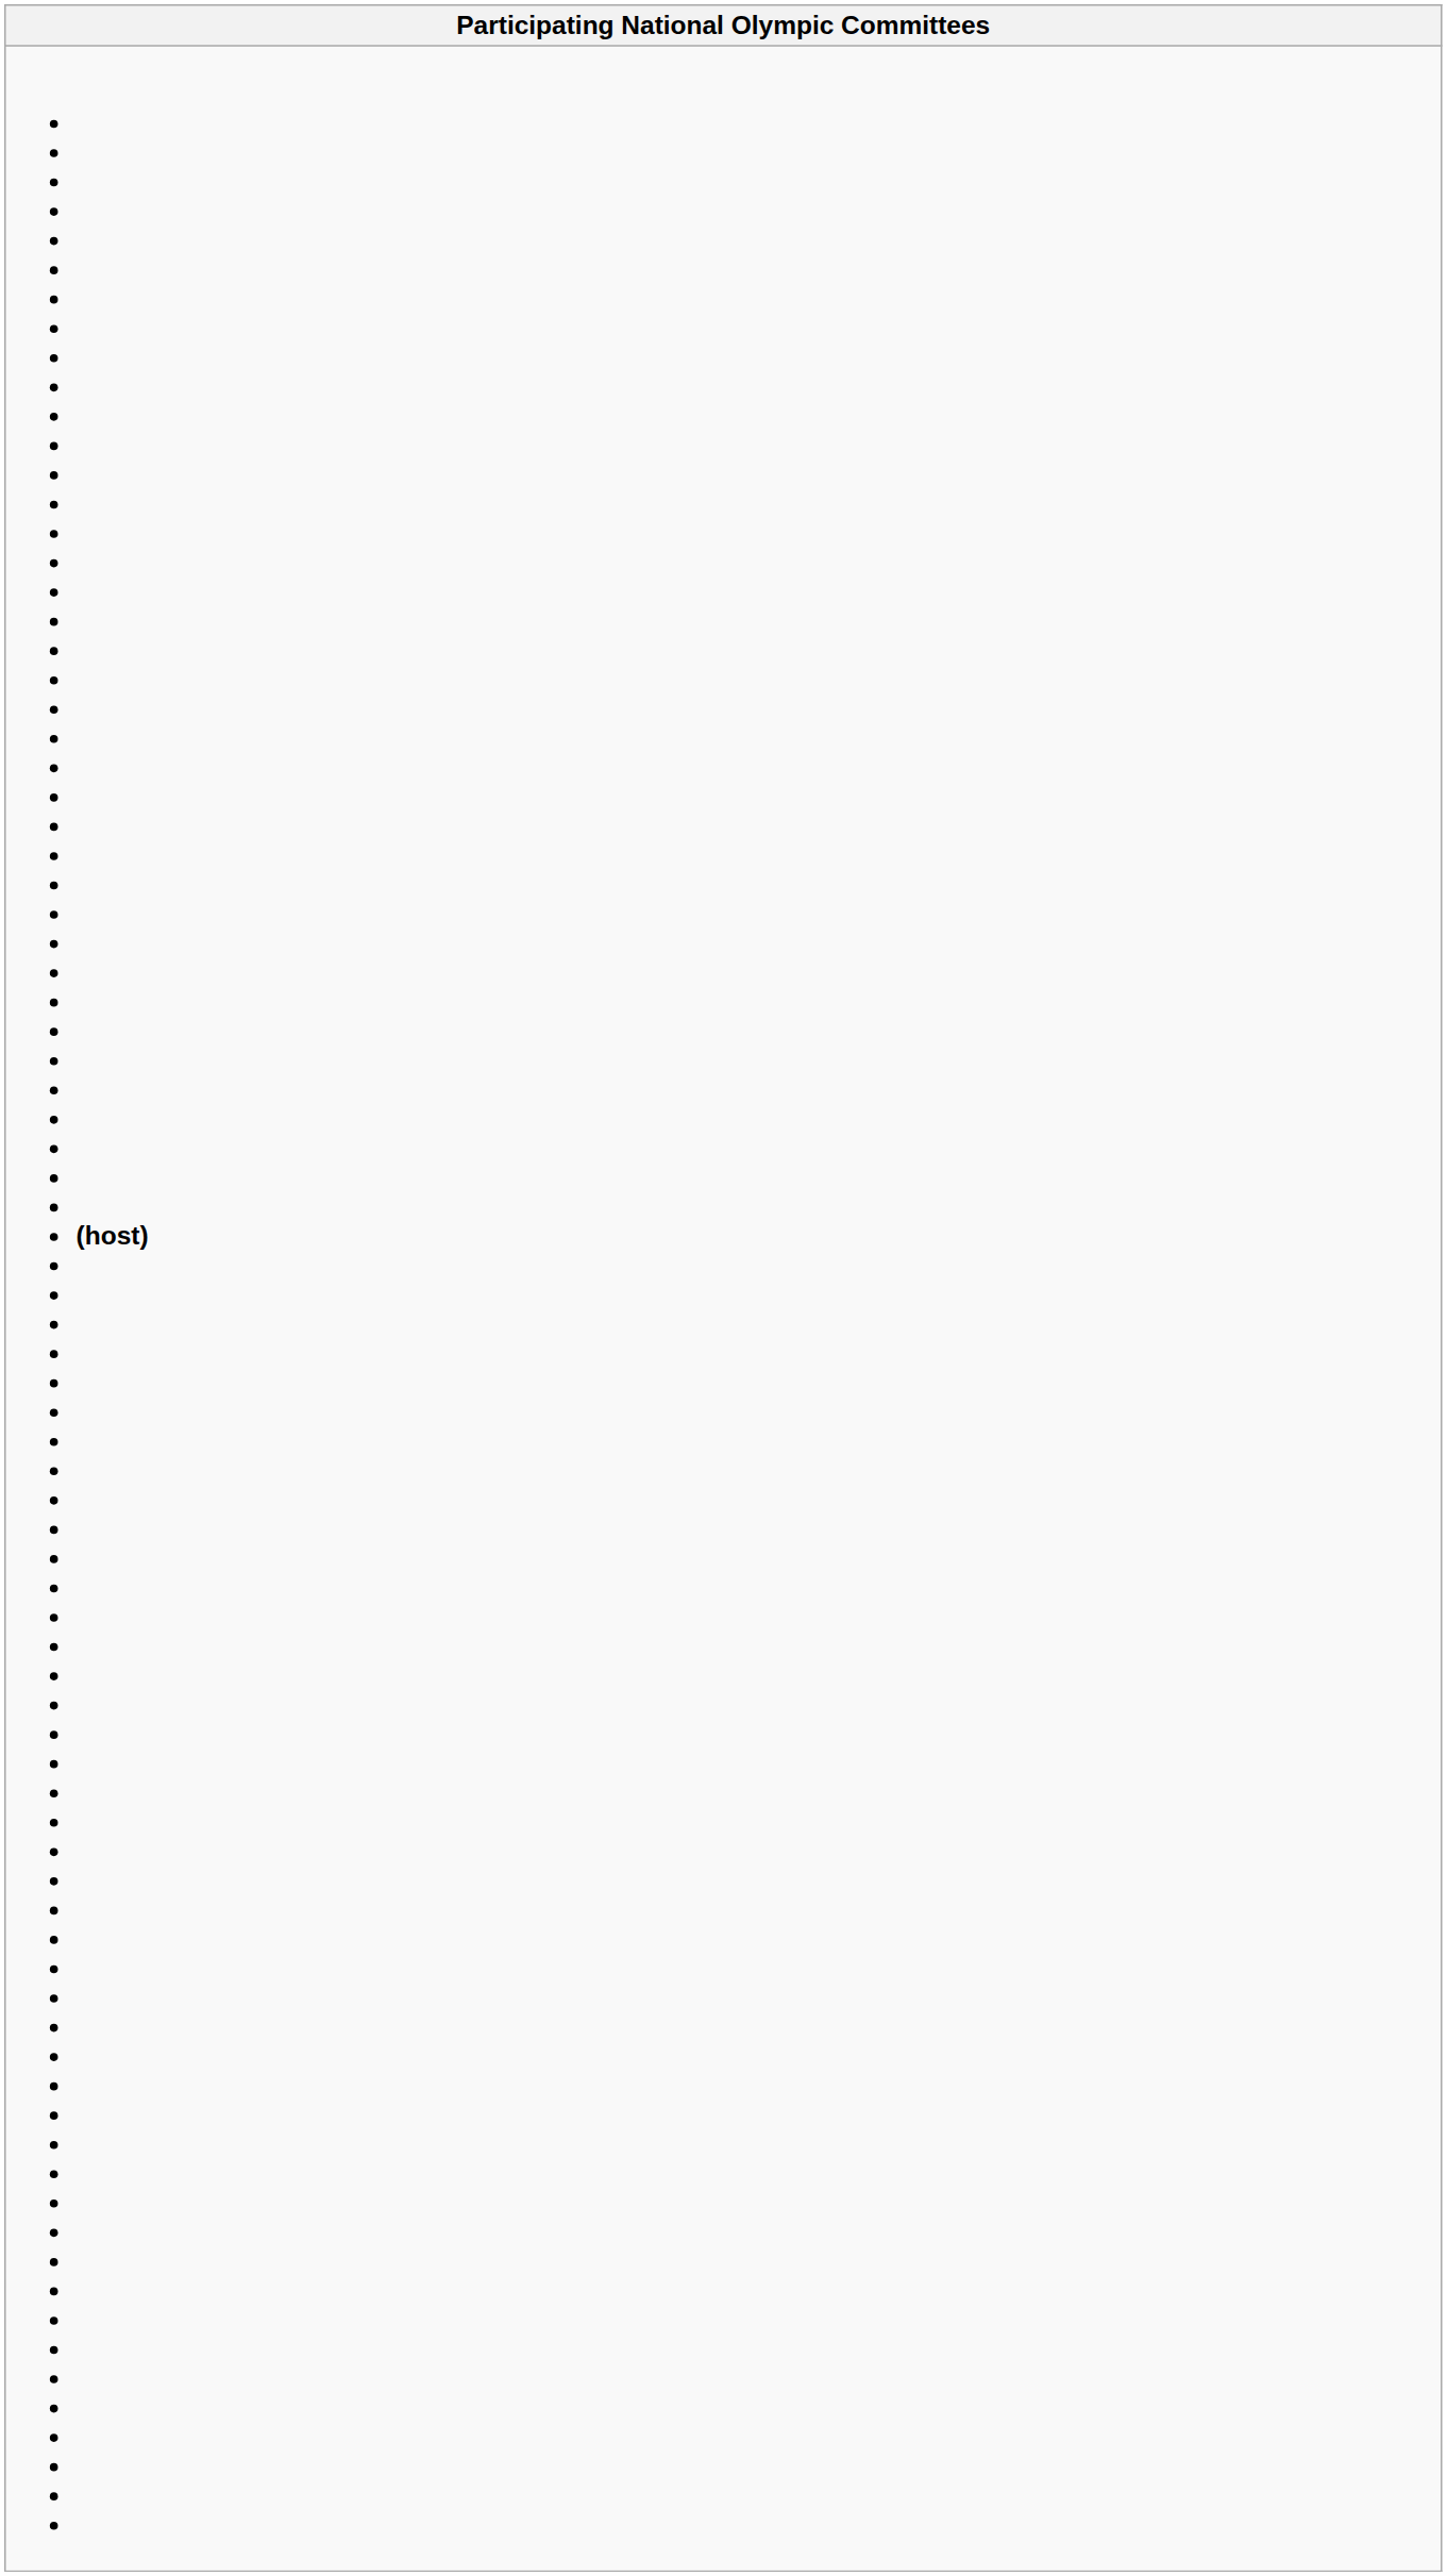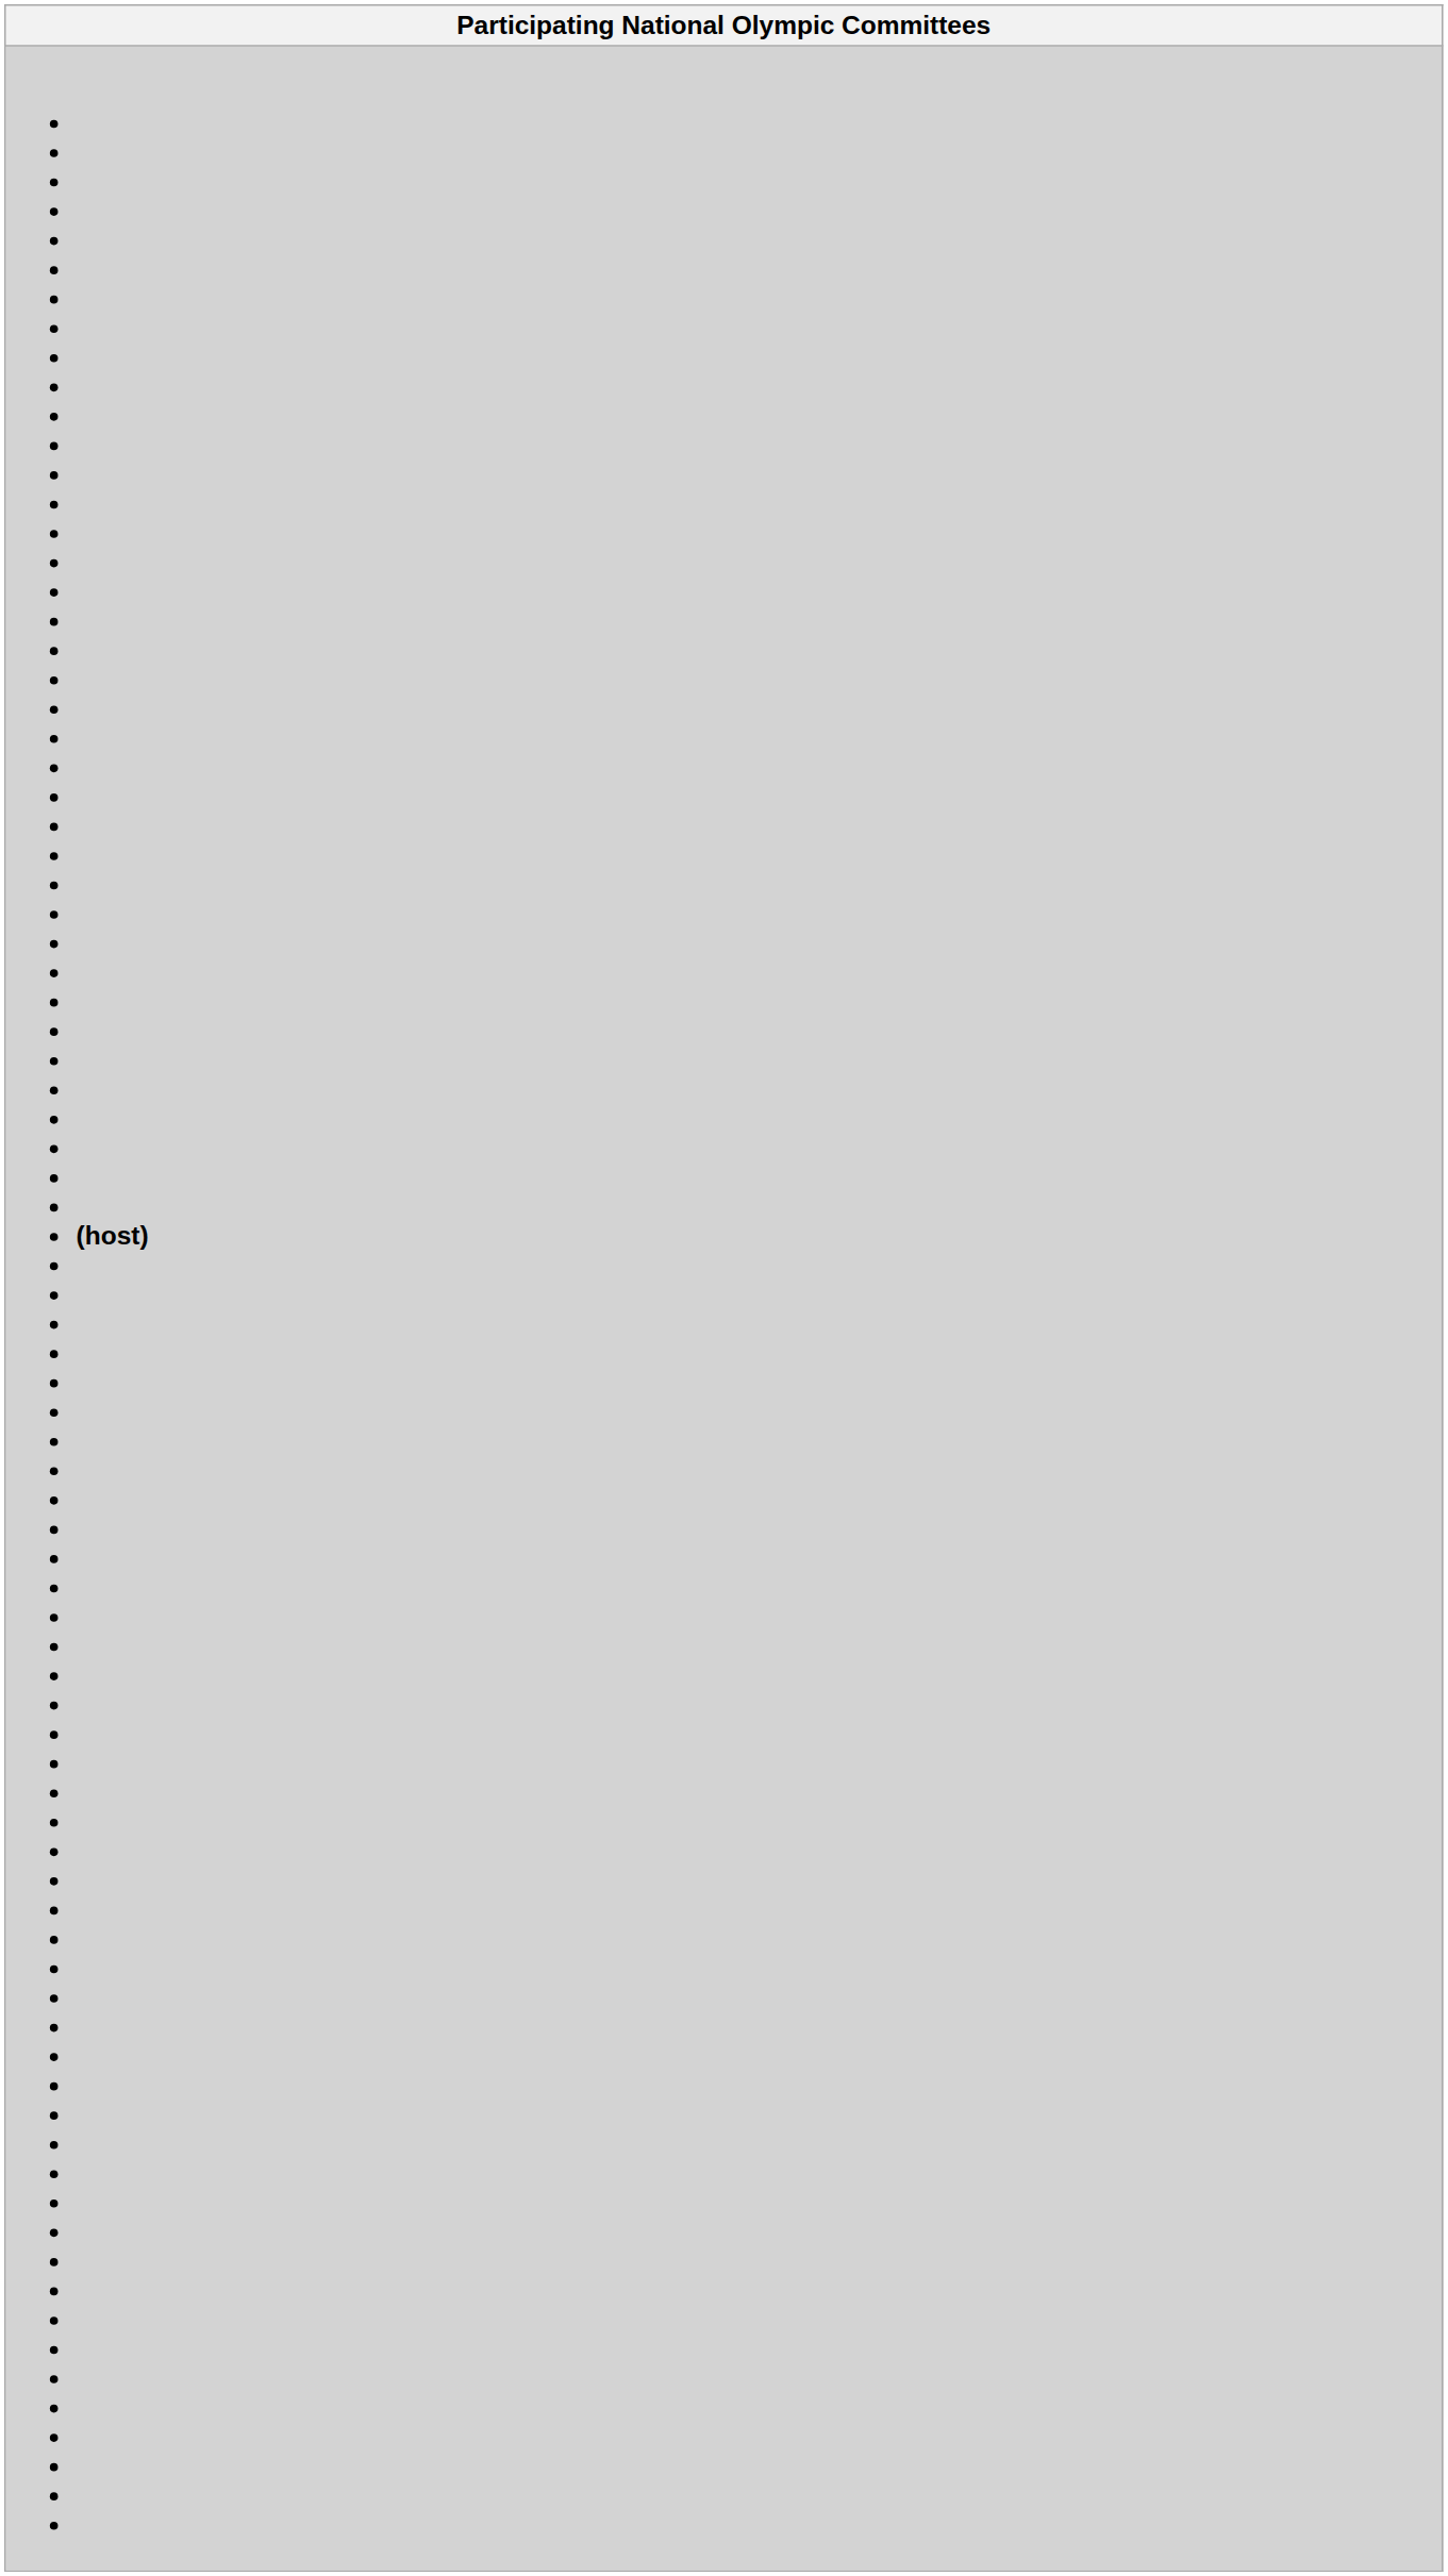 <table class="wikitable collapsible" style="width:100%;">
 <tr>
 <th>Participating National Olympic Committees</th>
 </tr>
 <tr>
-<td><br><ul><li></li><li></li><li></li><li></li><li></li><li></li><li></li><li></li><li></li><li></li><li></li><li></li><li></li><li></li><li></li><li></li><li></li><li></li><li></li><li></li><li></li><li></li><li></li><li></li><li></li><li></li><li></li><li></li><li></li><li></li><li></li><li></li><li></li><li></li><li></li><li></li><li></li><li></li><li> <strong>(host)</strong></li><li></li><li></li><li></li><li></li><li></li><li></li><li></li><li></li><li></li><li></li><li></li><li></li><li></li><li></li><li></li><li></li><li></li><li></li><li></li><li></li><li></li><li></li><li></li><li></li><li></li><li></li><li></li><li></li><li></li><li></li><li></li><li></li><li></li><li></li><li></li><li></li><li></li><li></li><li></li><li></li><li></li><li></li><li></li><li></li></ul></td>
+<td style="background: lightgrey;"><br><ul><li></li><li></li><li></li><li></li><li></li><li></li><li></li><li></li><li></li><li></li><li></li><li></li><li></li><li></li><li></li><li></li><li></li><li></li><li></li><li></li><li></li><li></li><li></li><li></li><li></li><li></li><li></li><li></li><li></li><li></li><li></li><li></li><li></li><li></li><li></li><li></li><li></li><li></li><li> <strong>(host)</strong></li><li></li><li></li><li></li><li></li><li></li><li></li><li></li><li></li><li></li><li></li><li></li><li></li><li></li><li></li><li></li><li></li><li></li><li></li><li></li><li></li><li></li><li></li><li></li><li></li><li></li><li></li><li></li><li></li><li></li><li></li><li></li><li></li><li></li><li></li><li></li><li></li><li></li><li></li><li></li><li></li><li></li><li></li><li></li><li></li></ul></td>
 </tr>
 </table>
